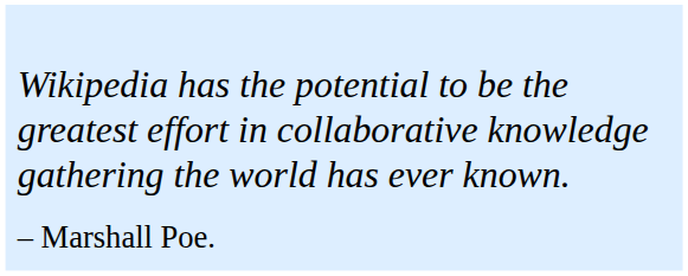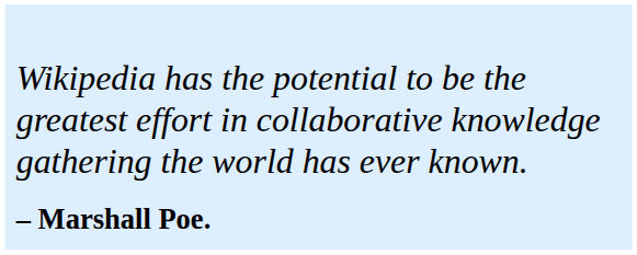 <table class="toccolours" style="float: left; margin-left: 1em; margin-right: 1em; font-size: 110%; background:#ddeeff; color:black; width:23em; max-width: 25%;" cellspacing="5">
 <tr>
 <td style="text-align: left;"><br><em>Wikipedia has the potential to be the greatest effort in collaborative knowledge gathering the world has ever known.</em></td>
 </tr>
 <tr>
-<td style="text-align: left;"><small> – Marshall Poe.</small></td>
+<td style="text-align: left;"><strong><small> – Marshall Poe.</small></strong></td>
 </tr>
 </table>
